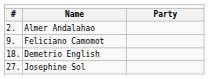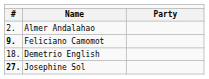 <table class=wikitable style="font-size:90%">
 <tr>
 <td colspan=4 bgcolor=></td>
 </tr>
 <tr>
 <th>#</th>
 <th width=150px>Name</th>
 <th colspan=2 width=110px>Party</th>
 </tr>
 <tr>
 <td>2.</td>
 <td>Almer Andalahao</td>
 <td></td>
 </tr>
 <tr>
-<td>9.</td>
+<td><strong>9.</strong></td>
 <td>Feliciano Camomot</td>
 <td></td>
 </tr>
 <tr>
 <td>18.</td>
 <td>Demetrio English</td>
 <td></td>
 </tr>
 <tr>
-<td>27.</td>
+<td><strong>27.</strong></td>
 <td>Josephine Sol</td>
 <td></td>
 </tr>
 </table>
